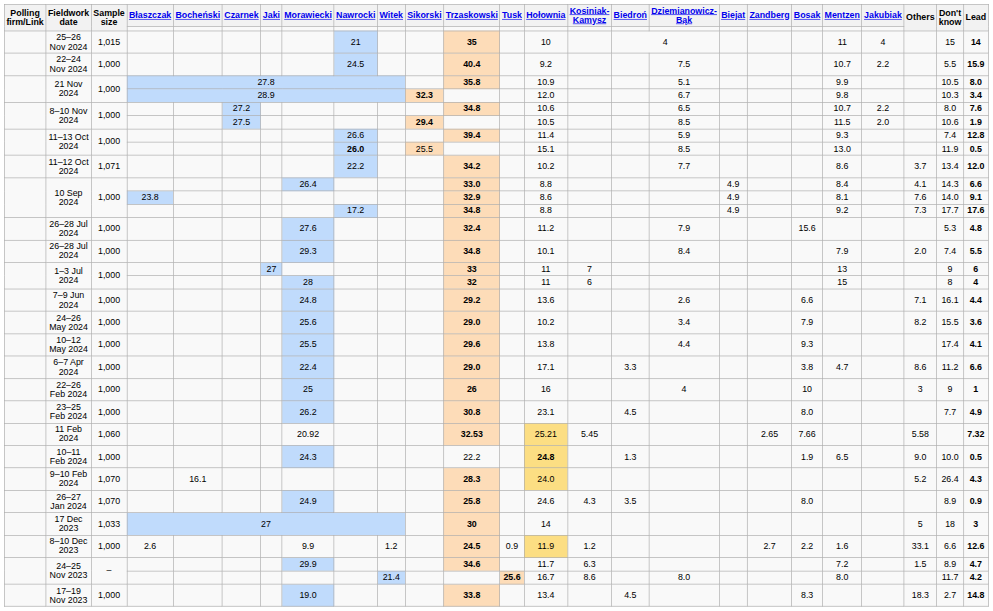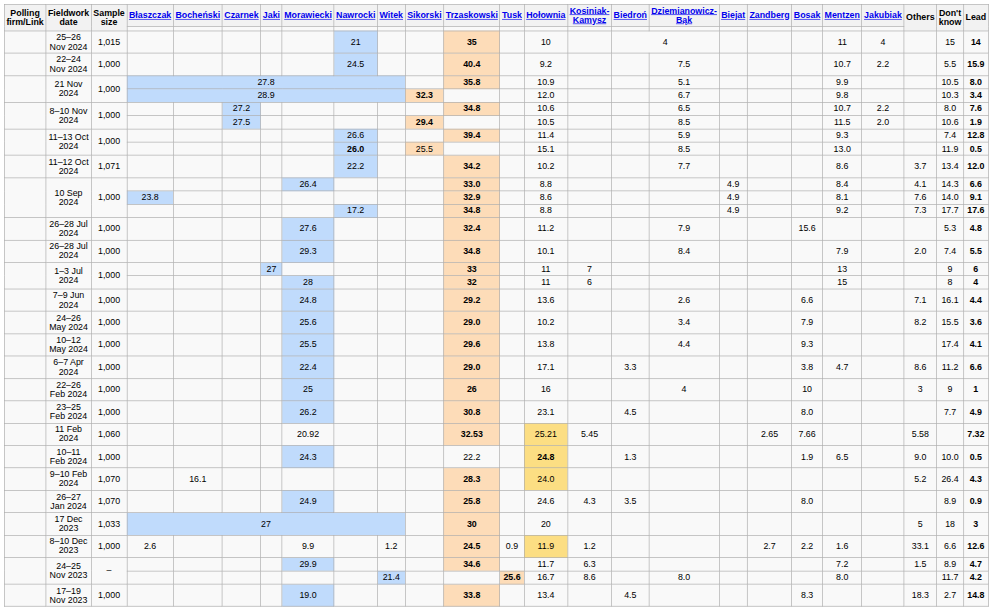 <table class="wikitable" style="text-align:center; font-size:85%; line-height:14px; width=auto;">
 <tr>
 <th rowspan="2" style="width:200px;">Polling firm/Link</th>
 <th rowspan="2" style="width:100px;" data-sort-type="date">Fieldwork<br>date</th>
 <th rowspan="2" style="width:20px;">Sample<br>size</th>
 <th><a href='#'>Błaszczak</a><br></th>
 <th><a href='#'>Bocheński</a><br></th>
 <th><a href='#'>Czarnek</a><br></th>
 <th><a href='#'>Jaki</a><br></th>
 <th><a href='#'>Morawiecki</a><br></th>
 <th><a href='#'>Nawrocki</a><br></th>
 <th><a href='#'>Witek</a><br></th>
 <th><a href='#'>Sikorski</a><br></th>
 <th><a href='#'>Trzaskowski</a><br></th>
 <th><a href='#'>Tusk</a><br></th>
 <th><a href='#'>Hołownia</a><br></th>
 <th><a href='#'>Kosiniak-Kamysz</a><br></th>
 <th><a href='#'>Biedroń</a><br></th>
 <th><a href='#'>Dziemianowicz-Bąk</a><br></th>
 <th><a href='#'>Biejat</a><br></th>
 <th><a href='#'>Zandberg</a><br></th>
 <th><a href='#'>Bosak</a><br></th>
 <th><a href='#'>Mentzen</a><br></th>
 <th><a href='#'>Jakubiak</a><br></th>
 <th rowspan="2">Others</th>
 <th rowspan="2">Don't know</th>
 <th rowspan="2">Lead</th>
 </tr>
 <tr>
 <td style="background:"></td>
 <td style="background:"></td>
 <td style="background:"></td>
 <td style="background:"></td>
 <td style="background:"></td>
 <td style="background:"></td>
 <td style="background:"></td>
 <td style="background:"></td>
 <td style="background:"></td>
 <td style="background:"></td>
 <td style="background:"></td>
 <td style="background:"></td>
 <td style="background:"></td>
 <td style="background:"></td>
 <td style="background:"></td>
 <td style="background:"></td>
 <td style="background:"></td>
 <td style="background:"></td>
 <td style="background:"></td>
 </tr>
 <tr>
 <td></td>
 <td data-sort-value="2024-11-26">25–26 Nov 2024</td>
 <td>1,015</td>
 <td></td>
 <td></td>
 <td></td>
 <td></td>
 <td></td>
 <td style="background:#C0DBFC;">21</td>
 <td></td>
 <td></td>
 <td style="background:#FDDCB8;"><strong>35</strong></td>
 <td></td>
 <td>10</td>
 <td></td>
 <td colspan="2">4</td>
 <td></td>
 <td></td>
 <td></td>
 <td>11</td>
 <td>4</td>
 <td></td>
 <td>15</td>
 <td style="background:"><strong>14</strong></td>
 </tr>
 <tr>
 <td></td>
 <td data-sort-value="2024-11-24">22–24 Nov 2024</td>
 <td>1,000</td>
 <td></td>
 <td></td>
 <td></td>
 <td></td>
 <td></td>
 <td style="background:#C0DBFC;">24.5</td>
 <td></td>
 <td></td>
 <td style="background:#FDDCB8;"><strong>40.4</strong></td>
 <td></td>
 <td>9.2</td>
 <td></td>
 <td></td>
 <td>7.5</td>
 <td></td>
 <td></td>
 <td></td>
 <td>10.7</td>
 <td>2.2</td>
 <td></td>
 <td>5.5</td>
 <td style="background:"><strong>15.9</strong></td>
 </tr>
 <tr>
 <td rowspan="2"></td>
 <td rowspan="2" data-sort-value="2024-11-21">21 Nov 2024</td>
 <td rowspan="2">1,000</td>
 <td colspan="7" style="background:#C0DBFC;">27.8</td>
 <td></td>
 <td style="background:#FDDCB8;"><strong>35.8</strong></td>
 <td></td>
 <td>10.9</td>
 <td></td>
 <td></td>
 <td>5.1</td>
 <td></td>
 <td></td>
 <td></td>
 <td>9.9</td>
 <td></td>
 <td></td>
 <td>10.5</td>
 <td style="background:"><strong>8.0</strong></td>
 </tr>
 <tr>
 <td colspan="7" style="background:#C0DBFC;">28.9</td>
 <td style="background:#FDDCB8;"><strong>32.3</strong></td>
 <td></td>
 <td></td>
 <td>12.0</td>
 <td></td>
 <td></td>
 <td>6.7</td>
 <td></td>
 <td></td>
 <td></td>
 <td>9.8</td>
 <td></td>
 <td></td>
 <td>10.3</td>
 <td style="background:"><strong>3.4</strong></td>
 </tr>
 <tr>
 <td rowspan="2"></td>
 <td rowspan="2" data-sort-value="2024-11-10">8–10 Nov 2024</td>
 <td rowspan="2">1,000</td>
 <td></td>
 <td></td>
 <td style="background:#C0DBFC;">27.2</td>
 <td></td>
 <td></td>
 <td></td>
 <td></td>
 <td></td>
 <td style="background:#FDDCB8;"><strong>34.8</strong></td>
 <td></td>
 <td>10.6</td>
 <td></td>
 <td></td>
 <td>6.5</td>
 <td></td>
 <td></td>
 <td></td>
 <td>10.7</td>
 <td>2.2</td>
 <td></td>
 <td>8.0</td>
 <td style="background:"><strong>7.6</strong></td>
 </tr>
 <tr>
 <td></td>
 <td></td>
 <td style="background:#C0DBFC;">27.5</td>
 <td></td>
 <td></td>
 <td></td>
 <td></td>
 <td style="background:#FDDCB8;"><strong>29.4</strong></td>
 <td></td>
 <td></td>
 <td>10.5</td>
 <td></td>
 <td></td>
 <td>8.5</td>
 <td></td>
 <td></td>
 <td></td>
 <td>11.5</td>
 <td>2.0</td>
 <td></td>
 <td>10.6</td>
 <td style="background:"><strong>1.9</strong></td>
 </tr>
 <tr>
 <td rowspan="2"></td>
 <td rowspan="2" data-sort-value="2024-10-13">11–13 Oct 2024</td>
 <td rowspan="2">1,000</td>
 <td></td>
 <td></td>
 <td></td>
 <td></td>
 <td></td>
 <td style="background:#C0DBFC;">26.6</td>
 <td></td>
 <td></td>
 <td style="background:#FDDCB8;"><strong>39.4</strong></td>
 <td></td>
 <td>11.4</td>
 <td></td>
 <td></td>
 <td>5.9</td>
 <td></td>
 <td></td>
 <td></td>
 <td>9.3</td>
 <td></td>
 <td></td>
 <td>7.4</td>
 <td style="background:"><strong>12.8</strong></td>
 </tr>
 <tr>
 <td></td>
 <td></td>
 <td></td>
 <td></td>
 <td></td>
 <td style="background:#C0DBFC;"><strong>26.0</strong></td>
 <td></td>
 <td style="background:#FDDCB8;">25.5</td>
 <td></td>
 <td></td>
 <td>15.1</td>
 <td></td>
 <td></td>
 <td>8.5</td>
 <td></td>
 <td></td>
 <td></td>
 <td>13.0</td>
 <td></td>
 <td></td>
 <td>11.9</td>
 <td style="background:"><strong>0.5</strong></td>
 </tr>
 <tr>
 <td></td>
 <td data-sort-value="2024-10-12">11–12 Oct 2024</td>
 <td>1,071</td>
 <td></td>
 <td></td>
 <td></td>
 <td></td>
 <td></td>
 <td style="background:#C0DBFC;">22.2</td>
 <td></td>
 <td></td>
 <td style="background:#FDDCB8;"><strong>34.2</strong></td>
 <td></td>
 <td>10.2</td>
 <td></td>
 <td></td>
 <td>7.7</td>
 <td></td>
 <td></td>
 <td></td>
 <td>8.6</td>
 <td></td>
 <td>3.7</td>
 <td>13.4</td>
 <td style="background:"><strong>12.0</strong></td>
 </tr>
 <tr>
 <td rowspan="3"></td>
 <td rowspan="3" data-sort-value="2024-09-10">10 Sep 2024</td>
 <td rowspan="3">1,000</td>
 <td></td>
 <td></td>
 <td></td>
 <td></td>
 <td style="background:#C0DBFC;">26.4</td>
 <td></td>
 <td></td>
 <td></td>
 <td style="background:#FDDCB8;"><strong>33.0</strong></td>
 <td></td>
 <td>8.8</td>
 <td></td>
 <td></td>
 <td></td>
 <td>4.9</td>
 <td></td>
 <td></td>
 <td>8.4</td>
 <td></td>
 <td>4.1</td>
 <td>14.3</td>
 <td style="background:"><strong>6.6</strong></td>
 </tr>
 <tr>
 <td style="background:#C0DBFC;">23.8</td>
 <td></td>
 <td></td>
 <td></td>
 <td></td>
 <td></td>
 <td></td>
 <td></td>
 <td style="background:#FDDCB8;"><strong>32.9</strong></td>
 <td></td>
 <td>8.6</td>
 <td></td>
 <td></td>
 <td></td>
 <td>4.9</td>
 <td></td>
 <td></td>
 <td>8.1</td>
 <td></td>
 <td>7.6</td>
 <td>14.0</td>
 <td style="background:"><strong>9.1</strong></td>
 </tr>
 <tr>
 <td></td>
 <td></td>
 <td></td>
 <td></td>
 <td></td>
 <td style="background:#C0DBFC;">17.2</td>
 <td></td>
 <td></td>
 <td style="background:#FDDCB8;"><strong>34.8</strong></td>
 <td></td>
 <td>8.8</td>
 <td></td>
 <td></td>
 <td></td>
 <td>4.9</td>
 <td></td>
 <td></td>
 <td>9.2</td>
 <td></td>
 <td>7.3</td>
 <td>17.7</td>
 <td style="background:"><strong>17.6</strong></td>
 </tr>
 <tr>
 <td></td>
 <td data-sort-value="2024-07-28">26–28 Jul 2024</td>
 <td>1,000</td>
 <td></td>
 <td></td>
 <td></td>
 <td></td>
 <td style="background:#C0DBFC;">27.6</td>
 <td></td>
 <td></td>
 <td></td>
 <td style="background:#FDDCB8;"><strong>32.4</strong></td>
 <td></td>
 <td>11.2</td>
 <td></td>
 <td></td>
 <td>7.9</td>
 <td></td>
 <td></td>
 <td>15.6</td>
 <td></td>
 <td></td>
 <td></td>
 <td>5.3</td>
 <td style="background:"><strong>4.8</strong></td>
 </tr>
 <tr>
 <td></td>
 <td data-sort-value="2024-07-28">26–28 Jul 2024</td>
 <td>1,000</td>
 <td></td>
 <td></td>
 <td></td>
 <td></td>
 <td style="background:#C0DBFC;">29.3</td>
 <td></td>
 <td></td>
 <td></td>
 <td style="background:#FDDCB8;"><strong>34.8</strong></td>
 <td></td>
 <td>10.1</td>
 <td></td>
 <td></td>
 <td>8.4</td>
 <td></td>
 <td></td>
 <td></td>
 <td>7.9</td>
 <td></td>
 <td>2.0</td>
 <td>7.4</td>
 <td style="background:"><strong>5.5</strong></td>
 </tr>
 <tr>
 <td rowspan="2"></td>
 <td rowspan="2" data-sort-value="2024-07-03">1–3 Jul 2024</td>
 <td rowspan="2">1,000</td>
 <td></td>
 <td></td>
 <td></td>
 <td style="background:#C0DBFC;">27</td>
 <td></td>
 <td></td>
 <td></td>
 <td></td>
 <td style="background:#FDDCB8;"><strong>33</strong></td>
 <td></td>
 <td>11</td>
 <td>7</td>
 <td></td>
 <td></td>
 <td></td>
 <td></td>
 <td></td>
 <td>13</td>
 <td></td>
 <td></td>
 <td>9</td>
 <td style="background:"><strong>6</strong></td>
 </tr>
 <tr>
 <td></td>
 <td></td>
 <td></td>
 <td></td>
 <td style="background:#C0DBFC;">28</td>
 <td></td>
 <td></td>
 <td></td>
 <td style="background:#FDDCB8;"><strong>32</strong></td>
 <td></td>
 <td>11</td>
 <td>6</td>
 <td></td>
 <td></td>
 <td></td>
 <td></td>
 <td></td>
 <td>15</td>
 <td></td>
 <td></td>
 <td>8</td>
 <td style="background:"><strong>4</strong></td>
 </tr>
 <tr>
 <td></td>
 <td data-sort-value="2024-06-09">7–9 Jun 2024</td>
 <td>1,000</td>
 <td></td>
 <td></td>
 <td></td>
 <td></td>
 <td style="background:#C0DBFC;">24.8</td>
 <td></td>
 <td></td>
 <td></td>
 <td style="background:#FDDCB8;"><strong>29.2</strong></td>
 <td></td>
 <td>13.6</td>
 <td></td>
 <td></td>
 <td>2.6</td>
 <td></td>
 <td></td>
 <td>6.6</td>
 <td></td>
 <td></td>
 <td>7.1</td>
 <td>16.1</td>
 <td style="background:"><strong>4.4</strong></td>
 </tr>
 <tr>
 <td></td>
 <td data-sort-value="2024-05-26">24–26 May 2024</td>
 <td>1,000</td>
 <td></td>
 <td></td>
 <td></td>
 <td></td>
 <td style="background:#C0DBFC;">25.6</td>
 <td></td>
 <td></td>
 <td></td>
 <td style="background:#FDDCB8;"><strong>29.0</strong></td>
 <td></td>
 <td>10.2</td>
 <td></td>
 <td></td>
 <td>3.4</td>
 <td></td>
 <td></td>
 <td>7.9</td>
 <td></td>
 <td></td>
 <td>8.2</td>
 <td>15.5</td>
 <td style="background:"><strong>3.6</strong></td>
 </tr>
 <tr>
 <td></td>
 <td data-sort-value="2024-05-12">10–12 May 2024</td>
 <td>1,000</td>
 <td></td>
 <td></td>
 <td></td>
 <td></td>
 <td style="background:#C0DBFC;">25.5</td>
 <td></td>
 <td></td>
 <td></td>
 <td style="background:#FDDCB8;"><strong>29.6</strong></td>
 <td></td>
 <td>13.8</td>
 <td></td>
 <td></td>
 <td>4.4</td>
 <td></td>
 <td></td>
 <td>9.3</td>
 <td></td>
 <td></td>
 <td></td>
 <td>17.4</td>
 <td style="background:"><strong>4.1</strong></td>
 </tr>
 <tr>
 <td></td>
 <td data-sort-value="2024-04-07">6–7 Apr 2024</td>
 <td>1,000</td>
 <td></td>
 <td></td>
 <td></td>
 <td></td>
 <td style="background:#C0DBFC;">22.4</td>
 <td></td>
 <td></td>
 <td></td>
 <td style="background:#FDDCB8;"><strong>29.0</strong></td>
 <td></td>
 <td>17.1</td>
 <td></td>
 <td>3.3</td>
 <td></td>
 <td></td>
 <td></td>
 <td>3.8</td>
 <td>4.7</td>
 <td></td>
 <td>8.6</td>
 <td>11.2</td>
 <td style="background:"><strong>6.6</strong></td>
 </tr>
 <tr>
 <td></td>
 <td data-sort-value="2024-02-26">22–26 Feb 2024</td>
 <td>1,000</td>
 <td></td>
 <td></td>
 <td></td>
 <td></td>
 <td style="background:#C0DBFC;">25</td>
 <td></td>
 <td></td>
 <td></td>
 <td style="background:#FDDCB8;"><strong>26</strong></td>
 <td></td>
 <td>16</td>
 <td></td>
 <td></td>
 <td>4</td>
 <td></td>
 <td></td>
 <td>10</td>
 <td></td>
 <td></td>
 <td>3</td>
 <td>9</td>
 <td style="background:"><strong>1</strong></td>
 </tr>
 <tr>
 <td></td>
 <td data-sort-value="2024-02-25">23–25 Feb 2024</td>
 <td>1,000</td>
 <td></td>
 <td></td>
 <td></td>
 <td></td>
 <td style="background:#C0DBFC;">26.2</td>
 <td></td>
 <td></td>
 <td></td>
 <td style="background:#FDDCB8;"><strong>30.8</strong></td>
 <td></td>
 <td>23.1</td>
 <td></td>
 <td>4.5</td>
 <td></td>
 <td></td>
 <td></td>
 <td>8.0</td>
 <td></td>
 <td></td>
 <td></td>
 <td>7.7</td>
 <td style="background:"><strong>4.9</strong></td>
 </tr>
 <tr>
 <td></td>
 <td data-sort-value="2024-02-11">11 Feb 2024</td>
 <td>1,060</td>
 <td></td>
 <td></td>
 <td></td>
 <td></td>
 <td>20.92</td>
 <td></td>
 <td></td>
 <td></td>
 <td style="background:#FDDCB8;"><strong>32.53</strong></td>
 <td></td>
 <td style="background:#FCDE83;">25.21</td>
 <td>5.45</td>
 <td></td>
 <td></td>
 <td></td>
 <td>2.65</td>
 <td>7.66</td>
 <td></td>
 <td></td>
 <td>5.58</td>
 <td></td>
 <td style="background:"><strong>7.32</strong></td>
 </tr>
 <tr>
 <td></td>
 <td data-sort-value="2024-02-11">10–11 Feb 2024</td>
 <td>1,000</td>
 <td></td>
 <td></td>
 <td></td>
 <td></td>
 <td style="background:#C0DBFC;">24.3</td>
 <td></td>
 <td></td>
 <td></td>
 <td>22.2</td>
 <td></td>
 <td style="background:#FCDE83;"><strong>24.8</strong></td>
 <td></td>
 <td>1.3</td>
 <td></td>
 <td></td>
 <td></td>
 <td>1.9</td>
 <td>6.5</td>
 <td></td>
 <td>9.0</td>
 <td>10.0</td>
 <td style="background:"><strong>0.5</strong></td>
 </tr>
 <tr>
 <td></td>
 <td data-sort-value="2024-02-10">9–10 Feb 2024</td>
 <td>1,070</td>
 <td></td>
 <td>16.1</td>
 <td></td>
 <td></td>
 <td></td>
 <td></td>
 <td></td>
 <td></td>
 <td style="background:#FDDCB8;"><strong>28.3</strong></td>
 <td></td>
 <td style="background:#FCDE83;">24.0</td>
 <td></td>
 <td></td>
 <td></td>
 <td></td>
 <td></td>
 <td></td>
 <td></td>
 <td></td>
 <td>5.2</td>
 <td>26.4</td>
 <td style="background:"><strong>4.3</strong></td>
 </tr>
 <tr>
 <td></td>
 <td data-sort-value="2024-01-27">26–27 Jan 2024</td>
 <td>1,070</td>
 <td></td>
 <td></td>
 <td></td>
 <td></td>
 <td style="background:#C0DBFC;">24.9</td>
 <td></td>
 <td></td>
 <td></td>
 <td style="background:#FDDCB8;"><strong>25.8</strong></td>
 <td></td>
 <td>24.6</td>
 <td>4.3</td>
 <td>3.5</td>
 <td></td>
 <td></td>
 <td></td>
 <td>8.0</td>
 <td></td>
 <td></td>
 <td></td>
 <td>8.9</td>
 <td style="background:"><strong>0.9</strong></td>
 </tr>
 <tr>
 <td></td>
 <td data-sort-value="2023-12-17">17 Dec 2023</td>
 <td>1,033</td>
 <td colspan="7" style="background:#C0DBFC;">27</td>
 <td></td>
 <td style="background:#FDDCB8;"><strong>30</strong></td>
 <td></td>
-<td>14</td>
+<td>20</td>
 <td></td>
 <td></td>
 <td></td>
 <td></td>
 <td></td>
 <td></td>
 <td></td>
 <td></td>
 <td>5</td>
 <td>18</td>
 <td style="background:"><strong>3</strong></td>
 </tr>
 <tr>
 <td></td>
 <td data-sort-value="2023-12-10">8–10 Dec 2023</td>
 <td>1,000</td>
 <td>2.6</td>
 <td></td>
 <td></td>
 <td></td>
 <td>9.9</td>
 <td></td>
 <td>1.2</td>
 <td></td>
 <td style="background:#FDDCB8;"><strong>24.5</strong></td>
 <td>0.9</td>
 <td style="background:#fcde83;">11.9</td>
 <td>1.2</td>
 <td></td>
 <td></td>
 <td></td>
 <td>2.7</td>
 <td>2.2</td>
 <td>1.6</td>
 <td></td>
 <td>33.1</td>
 <td>6.6</td>
 <td style="background:"><strong>12.6</strong></td>
 </tr>
 <tr>
 <td rowspan="2"></td>
 <td rowspan="2" data-sort-value="2023-11-25">24–25 Nov 2023</td>
 <td rowspan="2">–</td>
 <td></td>
 <td></td>
 <td></td>
 <td></td>
 <td style="background:#C0DBFC;">29.9</td>
 <td></td>
 <td></td>
 <td></td>
 <td style="background:#FDDCB8;"><strong>34.6</strong></td>
 <td></td>
 <td>11.7</td>
 <td>6.3</td>
 <td></td>
 <td></td>
 <td></td>
 <td></td>
 <td></td>
 <td>7.2</td>
 <td></td>
 <td>1.5</td>
 <td>8.9</td>
 <td style="background:"><strong>4.7</strong></td>
 </tr>
 <tr>
 <td></td>
 <td></td>
 <td></td>
 <td></td>
 <td></td>
 <td></td>
 <td style="background:#C0DBFC;">21.4</td>
 <td></td>
 <td></td>
 <td style="background:#FDDCB8;"><strong>25.6</strong></td>
 <td>16.7</td>
 <td>8.6</td>
 <td></td>
 <td>8.0</td>
 <td></td>
 <td></td>
 <td></td>
 <td>8.0</td>
 <td></td>
 <td></td>
 <td>11.7</td>
 <td style="background:"><strong>4.2</strong></td>
 </tr>
 <tr>
 <td></td>
 <td data-sort-value="2023-11-19">17–19 Nov 2023</td>
 <td>1,000</td>
 <td></td>
 <td></td>
 <td></td>
 <td></td>
 <td style="background:#C0DBFC;">19.0</td>
 <td></td>
 <td></td>
 <td></td>
 <td style="background:#FDDCB8;"><strong>33.8</strong></td>
 <td></td>
 <td>13.4</td>
 <td></td>
 <td>4.5</td>
 <td></td>
 <td></td>
 <td></td>
 <td>8.3</td>
 <td></td>
 <td></td>
 <td>18.3</td>
 <td>2.7</td>
 <td style="background:"><strong>14.8</strong></td>
 </tr>
 </table>
